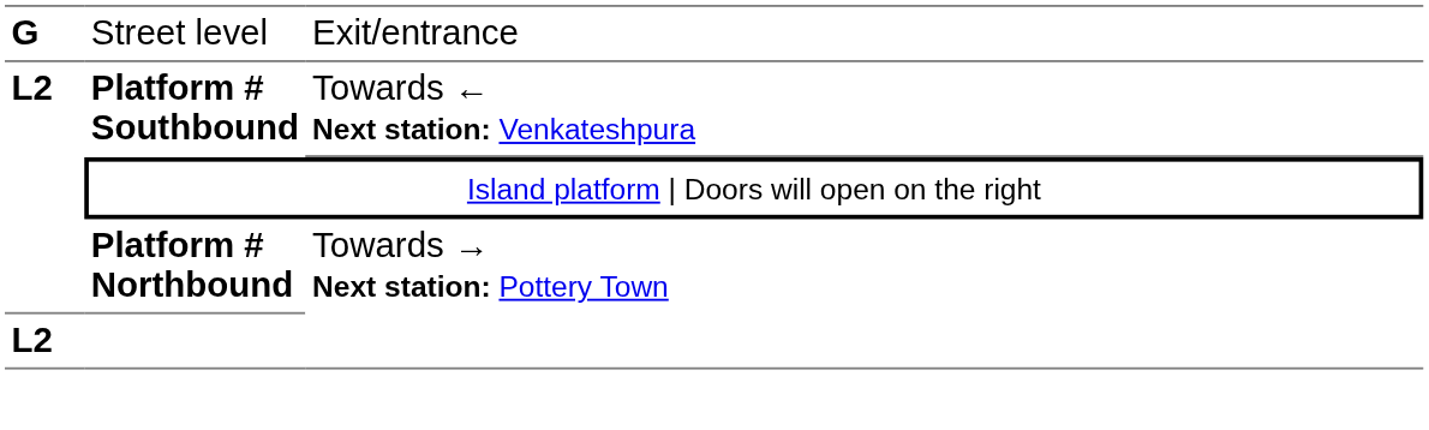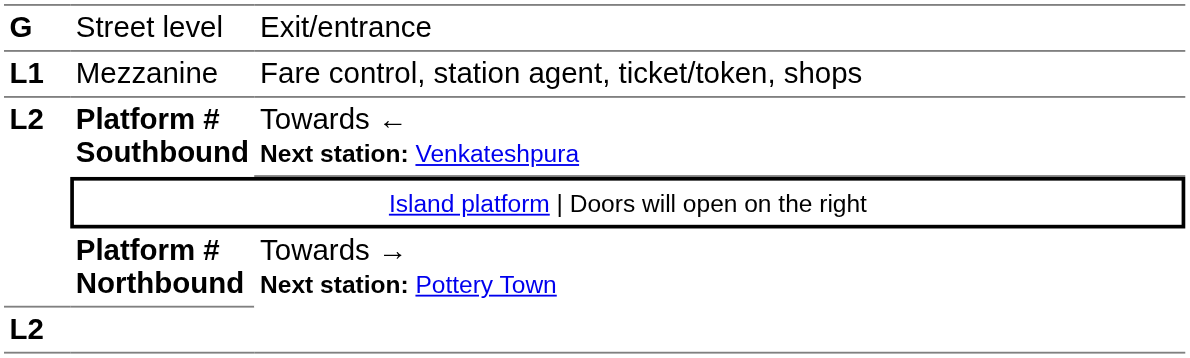 <table table border=0 cellspacing=0 cellpadding=3>
 <tr>
 <td style="border-top:solid 1px gray;border-bottom:solid 1px gray;" width=30 valign=top><strong>G</strong></td>
 <td style="border-top:solid 1px gray;border-bottom:solid 1px gray;" width=85 valign=top>Street level</td>
 <td style="border-top:solid 1px gray;border-bottom:solid 1px gray;" width=500 valign=top>Exit/entrance</td>
+</tr>
+<tr>
+<td style="border-bottom:solid 1px gray;"><strong>L1</strong></td>
+<td style="border-bottom:solid 1px gray;">Mezzanine</td>
+<td style="border-bottom:solid 1px gray;">Fare control, station agent, ticket/token, shops</td>
 </tr>
 <tr>
 <td style="border-bottom:solid 1px gray;" width=30 rowspan=3 valign=top><strong>L2</strong></td>
 <td style="border-bottom:solid 1px white;" width=85><span><strong>Platform #</strong><br><strong>Southbound</strong></span></td>
 <td style="border-bottom:solid 1px gray;" width="500">Towards ← <br><small><strong>Next station:</strong> <a href='#'>Venkateshpura</a></small></td>
 </tr>
 <tr>
 <td style="border-top:solid 2px black;border-right:solid 2px black;border-left:solid 2px black;border-bottom:solid 2px black;text-align:center;" colspan=2><small><a href='#'>Island platform</a> | Doors will open on the right </small></td>
 </tr>
 <tr>
 <td style="border-bottom:solid 1px gray;" width=85><span><strong>Platform #</strong><br><strong>Northbound</strong></span></td>
 <td style="border-bottom:solid 1px white;" width=500>Towards → <br><small><strong>Next station:</strong> <a href='#'>Pottery Town</a></small></td>
 </tr>
 <tr>
 <td style="border-bottom:solid 1px gray;" width=30 rowspan=2 valign=top><strong>L2</strong></td>
 <td style="border-bottom:solid 1px gray;" width=85></td>
 <td style="border-bottom:solid 1px gray;" width=500></td>
 </tr>
 </table>
